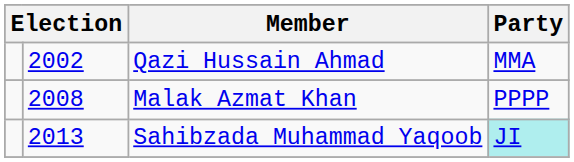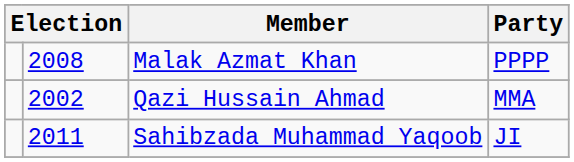 <table class="wikitable">
 <tr>
 <th colspan="2">Election</th>
 <th>Member</th>
 <th>Party</th>
+</tr>
+<tr>
+<td style="background-color: "></td>
+<td><a href='#'>2008</a></td>
+<td><a href='#'>Malak Azmat Khan</a></td>
+<td><a href='#'>PPPP</a></td>
 </tr>
 <tr>
 <td style="background-color: "></td>
 <td><a href='#'>2002</a></td>
 <td><a href='#'>Qazi Hussain Ahmad</a></td>
 <td><a href='#'>MMA</a></td>
 </tr>
 <tr>
 <td style="background-color: "></td>
-<td><a href='#'>2008</a></td>
-<td><a href='#'>Malak Azmat Khan</a></td>
-<td><a href='#'>PPPP</a></td>
-</tr>
-<tr>
-<td style="background-color: "></td>
-<td><a href='#'>2013</a></td>
+<td><a href='#'>2011</a></td>
 <td><a href='#'>Sahibzada Muhammad Yaqoob</a></td>
-<td style="background: paleturquoise;"><a href='#'>JI</a></td>
+<td><a href='#'>JI</a></td>
 </tr>
 </table>
